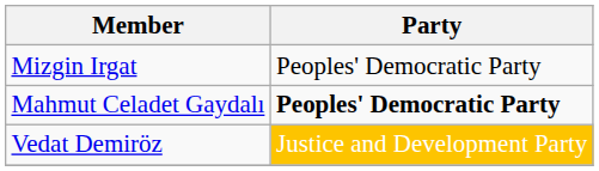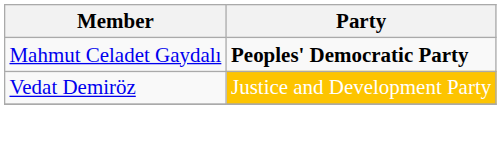 <table class="wikitable">
 <tr>
 <th>Member</th>
 <th>Party</th>
-</tr>
-<tr>
-<td><a href='#'>Mizgin Irgat</a></td>
-<td style="background:">Peoples' Democratic Party</td>
 </tr>
 <tr>
 <td><a href='#'>Mahmut Celadet Gaydalı</a></td>
 <td style="background:"><strong>Peoples' Democratic Party</strong></td>
 </tr>
 <tr>
 <td><a href='#'>Vedat Demiröz</a></td>
 <td style="background:#FDC400; color:white">Justice and Development Party</td>
 </tr>
 <tr>
 </tr>
 </table>
